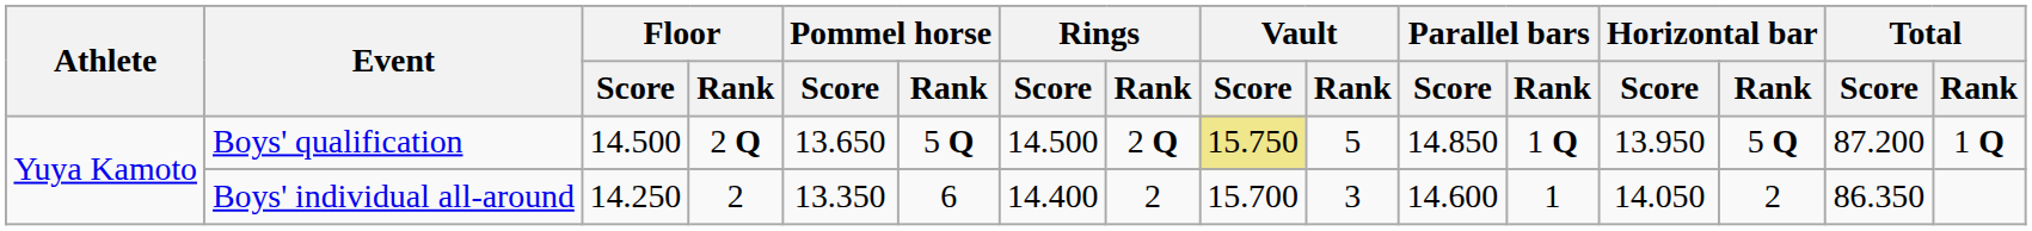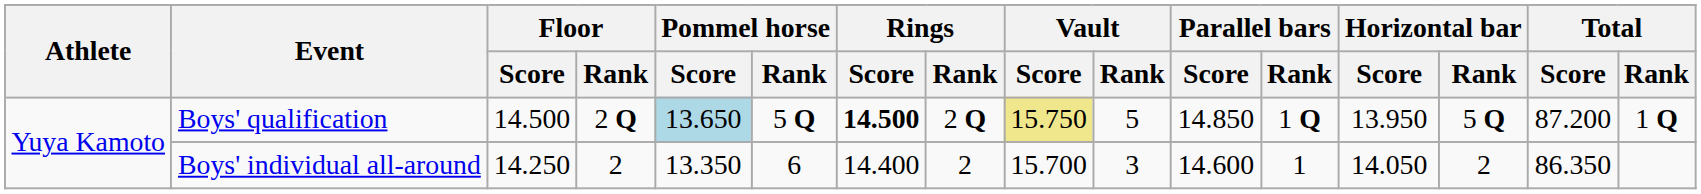 <table class="wikitable" border="1" style="font-size:90%">
 <tr>
 <th rowspan=2>Athlete</th>
 <th rowspan=2>Event</th>
 <th colspan=2>Floor</th>
 <th colspan=2>Pommel horse</th>
 <th colspan=2>Rings</th>
 <th colspan=2>Vault</th>
 <th colspan=2>Parallel bars</th>
 <th colspan=2>Horizontal bar</th>
 <th colspan=2>Total</th>
 </tr>
 <tr>
 <th>Score</th>
 <th>Rank</th>
 <th>Score</th>
 <th>Rank</th>
 <th>Score</th>
 <th>Rank</th>
 <th>Score</th>
 <th>Rank</th>
 <th>Score</th>
 <th>Rank</th>
 <th>Score</th>
 <th>Rank</th>
 <th>Score</th>
 <th>Rank</th>
 </tr>
 <tr>
 <td rowspan=2><a href='#'>Yuya Kamoto</a></td>
 <td><a href='#'>Boys' qualification</a></td>
 <td align=center>14.500</td>
 <td align=center>2 <strong>Q</strong></td>
-<td align=center>13.650</td>
+<td align=center style="background: lightblue;">13.650</td>
 <td align=center>5 <strong>Q</strong></td>
-<td align=center>14.500</td>
+<td align=center><strong>14.500</strong></td>
 <td align=center>2 <strong>Q</strong></td>
 <td align=center style="background: khaki;">15.750</td>
 <td align=center>5</td>
 <td align=center>14.850</td>
 <td align=center>1 <strong>Q</strong></td>
 <td align=center>13.950</td>
 <td align=center>5 <strong>Q</strong></td>
 <td align=center>87.200</td>
 <td align=center>1 <strong>Q</strong></td>
 </tr>
 <tr>
 <td><a href='#'>Boys' individual all-around</a></td>
 <td align=center>14.250</td>
 <td align=center>2</td>
 <td align=center>13.350</td>
 <td align=center>6</td>
 <td align=center>14.400</td>
 <td align=center>2</td>
 <td align=center>15.700</td>
 <td align=center>3</td>
 <td align=center>14.600</td>
 <td align=center>1</td>
 <td align=center>14.050</td>
 <td align=center>2</td>
 <td align=center>86.350</td>
 <td align=center></td>
 </tr>
 </table>
